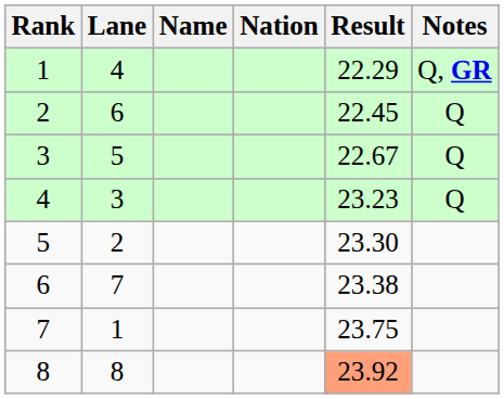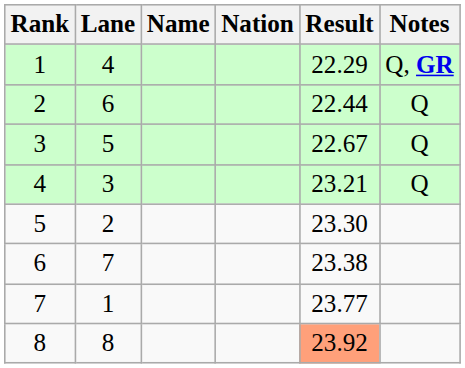 <table class="wikitable" style="text-align:center">
 <tr>
 <th>Rank</th>
 <th>Lane</th>
 <th>Name</th>
 <th>Nation</th>
 <th>Result</th>
 <th>Notes</th>
 </tr>
 <tr bgcolor="ccffcc">
 <td>1</td>
 <td>4</td>
 <td align="left"></td>
 <td align=left></td>
 <td>22.29</td>
 <td>Q, <strong><a href='#'>GR</a></strong></td>
 </tr>
 <tr bgcolor="ccffcc">
 <td>2</td>
 <td>6</td>
 <td align="left"></td>
 <td align=left></td>
-<td>22.45</td>
+<td>22.44</td>
 <td>Q</td>
 </tr>
 <tr bgcolor="ccffcc">
 <td>3</td>
 <td>5</td>
 <td align="left"></td>
 <td align=left></td>
 <td>22.67</td>
 <td>Q</td>
 </tr>
 <tr bgcolor="ccffcc">
 <td>4</td>
 <td>3</td>
 <td align="left"></td>
 <td align=left></td>
-<td>23.23</td>
+<td>23.21</td>
 <td>Q</td>
 </tr>
 <tr>
 <td>5</td>
 <td>2</td>
 <td align="left"></td>
 <td align=left></td>
 <td>23.30</td>
 <td></td>
 </tr>
 <tr>
 <td>6</td>
 <td>7</td>
 <td align="left"></td>
 <td align=left></td>
 <td>23.38</td>
 <td></td>
 </tr>
 <tr>
 <td>7</td>
 <td>1</td>
 <td align="left"></td>
 <td align=left></td>
-<td>23.75</td>
+<td>23.77</td>
 <td></td>
 </tr>
 <tr>
 <td>8</td>
 <td>8</td>
 <td align="left"></td>
 <td align=left></td>
 <td style="background: lightsalmon;">23.92</td>
 <td></td>
 </tr>
 </table>
